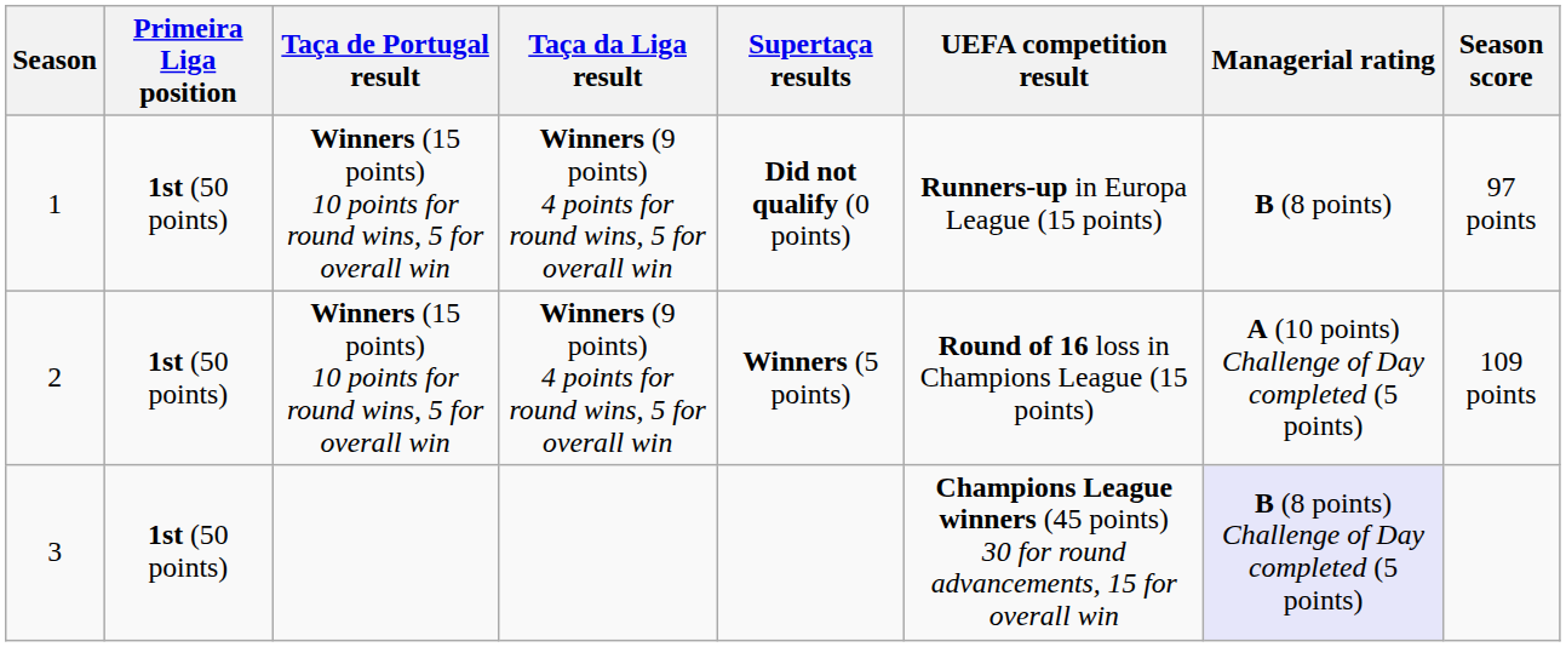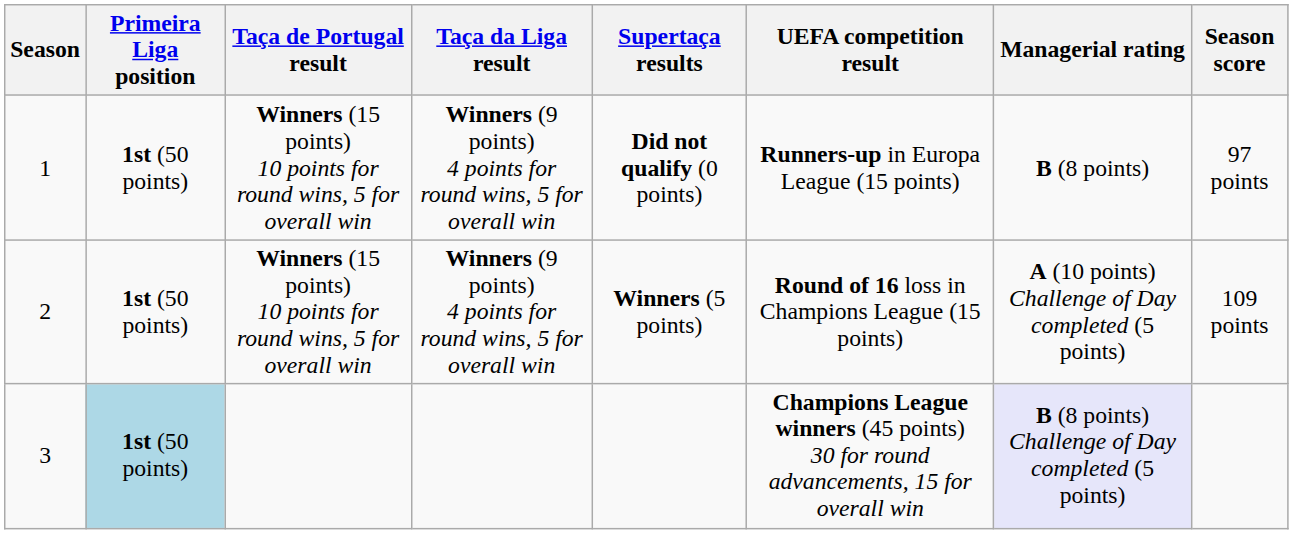 <table class="wikitable" style="text-align:center">
 <tr>
 <th>Season</th>
 <th><a href='#'>Primeira Liga</a> position</th>
 <th><a href='#'>Taça de Portugal</a> result</th>
 <th><a href='#'>Taça da Liga</a> result</th>
 <th><a href='#'>Supertaça</a> results</th>
 <th>UEFA competition result</th>
 <th>Managerial rating</th>
 <th>Season score</th>
 </tr>
 <tr>
 <td>1</td>
 <td><strong>1st</strong> (50 points)</td>
 <td><strong>Winners</strong> (15 points)<br><em>10 points for round wins, 5 for overall win</em></td>
 <td><strong>Winners</strong> (9 points)<br><em>4 points for round wins, 5 for overall win</em></td>
 <td><strong>Did not qualify</strong> (0 points)</td>
 <td><strong>Runners-up</strong> in Europa League (15 points)</td>
 <td><strong>B</strong> (8 points)</td>
 <td>97 points</td>
 </tr>
 <tr>
 <td>2</td>
 <td><strong>1st</strong> (50 points)</td>
 <td><strong>Winners</strong> (15 points)<br><em>10 points for round wins, 5 for overall win</em></td>
 <td><strong>Winners</strong> (9 points)<br><em>4 points for round wins, 5 for overall win</em></td>
 <td><strong>Winners</strong> (5 points)</td>
 <td><strong>Round of 16</strong> loss in Champions League (15 points)</td>
 <td><strong>A</strong> (10 points)<br><em>Challenge of Day completed</em> (5 points)</td>
 <td>109 points</td>
 </tr>
 <tr>
 <td>3</td>
-<td><strong>1st</strong> (50 points)</td>
+<td style="background: lightblue;"><strong>1st</strong> (50 points)</td>
 <td></td>
 <td></td>
 <td></td>
 <td><strong>Champions League winners</strong> (45 points)<br><em>30 for round advancements, 15 for overall win</em></td>
 <td style="background: lavender;"><strong>B</strong> (8 points)<br><em>Challenge of Day completed</em> (5 points)</td>
 </tr>
 </table>
